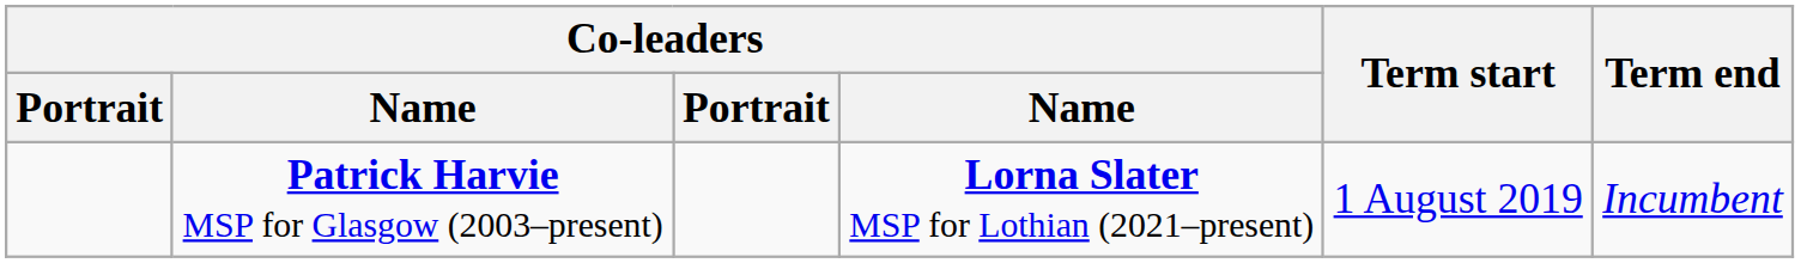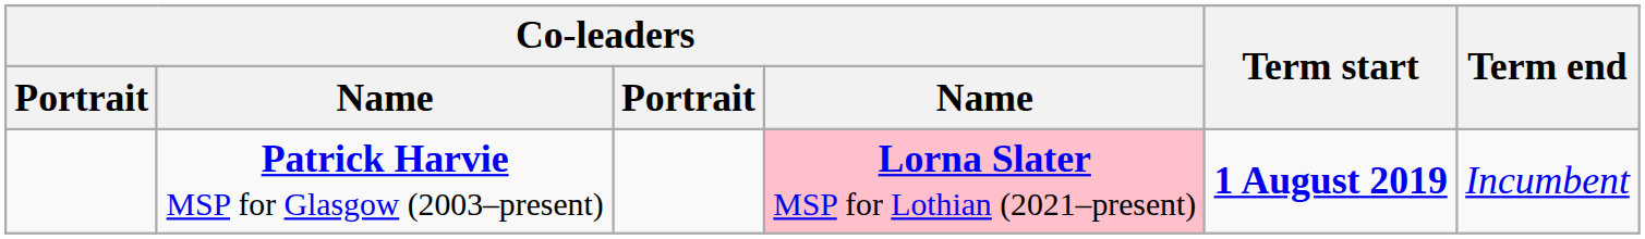 <table class="wikitable" style="text-align:center">
 <tr>
 <th colspan="4">Co-leaders</th>
 <th rowspan="2">Term start</th>
 <th rowspan="2">Term end</th>
 </tr>
 <tr>
 <th>Portrait</th>
 <th>Name</th>
 <th>Portrait</th>
 <th>Name</th>
 </tr>
 <tr>
 <td></td>
 <td><strong><a href='#'>Patrick Harvie</a></strong><br><small><a href='#'>MSP</a> for <a href='#'>Glasgow</a> (2003–present)</small></td>
 <td></td>
-<td><strong><a href='#'>Lorna Slater</a></strong><br><small><a href='#'>MSP</a> for <a href='#'>Lothian</a> (2021–present)</small></td>
-<td><a href='#'>1 August 2019</a></td>
+<td style="background: pink;"><strong><a href='#'>Lorna Slater</a></strong><br><small><a href='#'>MSP</a> for <a href='#'>Lothian</a> (2021–present)</small></td>
+<td><strong><a href='#'>1 August 2019</a></strong></td>
 <td><em><a href='#'>Incumbent</a></em></td>
 </tr>
 </table>
